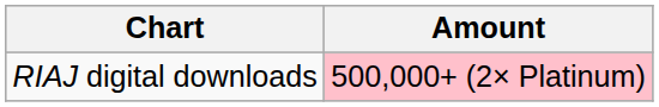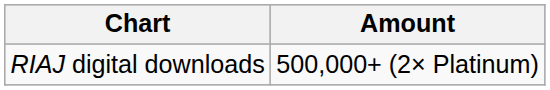 <table class="wikitable">
 <tr>
 <th>Chart</th>
 <th>Amount</th>
 </tr>
 <tr>
 <td><em>RIAJ</em> digital downloads</td>
-<td align="center" style="background: pink;">500,000+ (2× Platinum)</td>
+<td align="center">500,000+ (2× Platinum)</td>
 </tr>
 </table>
